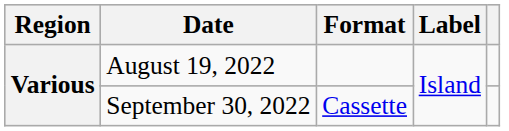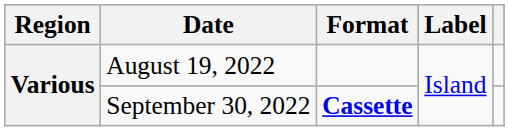 <table class="wikitable plainrowheaders">
 <tr>
 <th scope="col">Region</th>
 <th scope="col">Date</th>
 <th scope="col">Format</th>
 <th scope="col">Label</th>
 <th scope="col"></th>
 </tr>
 <tr>
 <th scope="row" rowspan="2">Various</th>
 <td>August 19, 2022</td>
 <td></td>
 <td rowspan="2"><a href='#'>Island</a></td>
 <td style="text-align:center;"></td>
 </tr>
 <tr>
 <td>September 30, 2022</td>
-<td><a href='#'>Cassette</a></td>
+<td><strong><a href='#'>Cassette</a></strong></td>
 <td style="text-align:center;"></td>
 </tr>
 </table>
